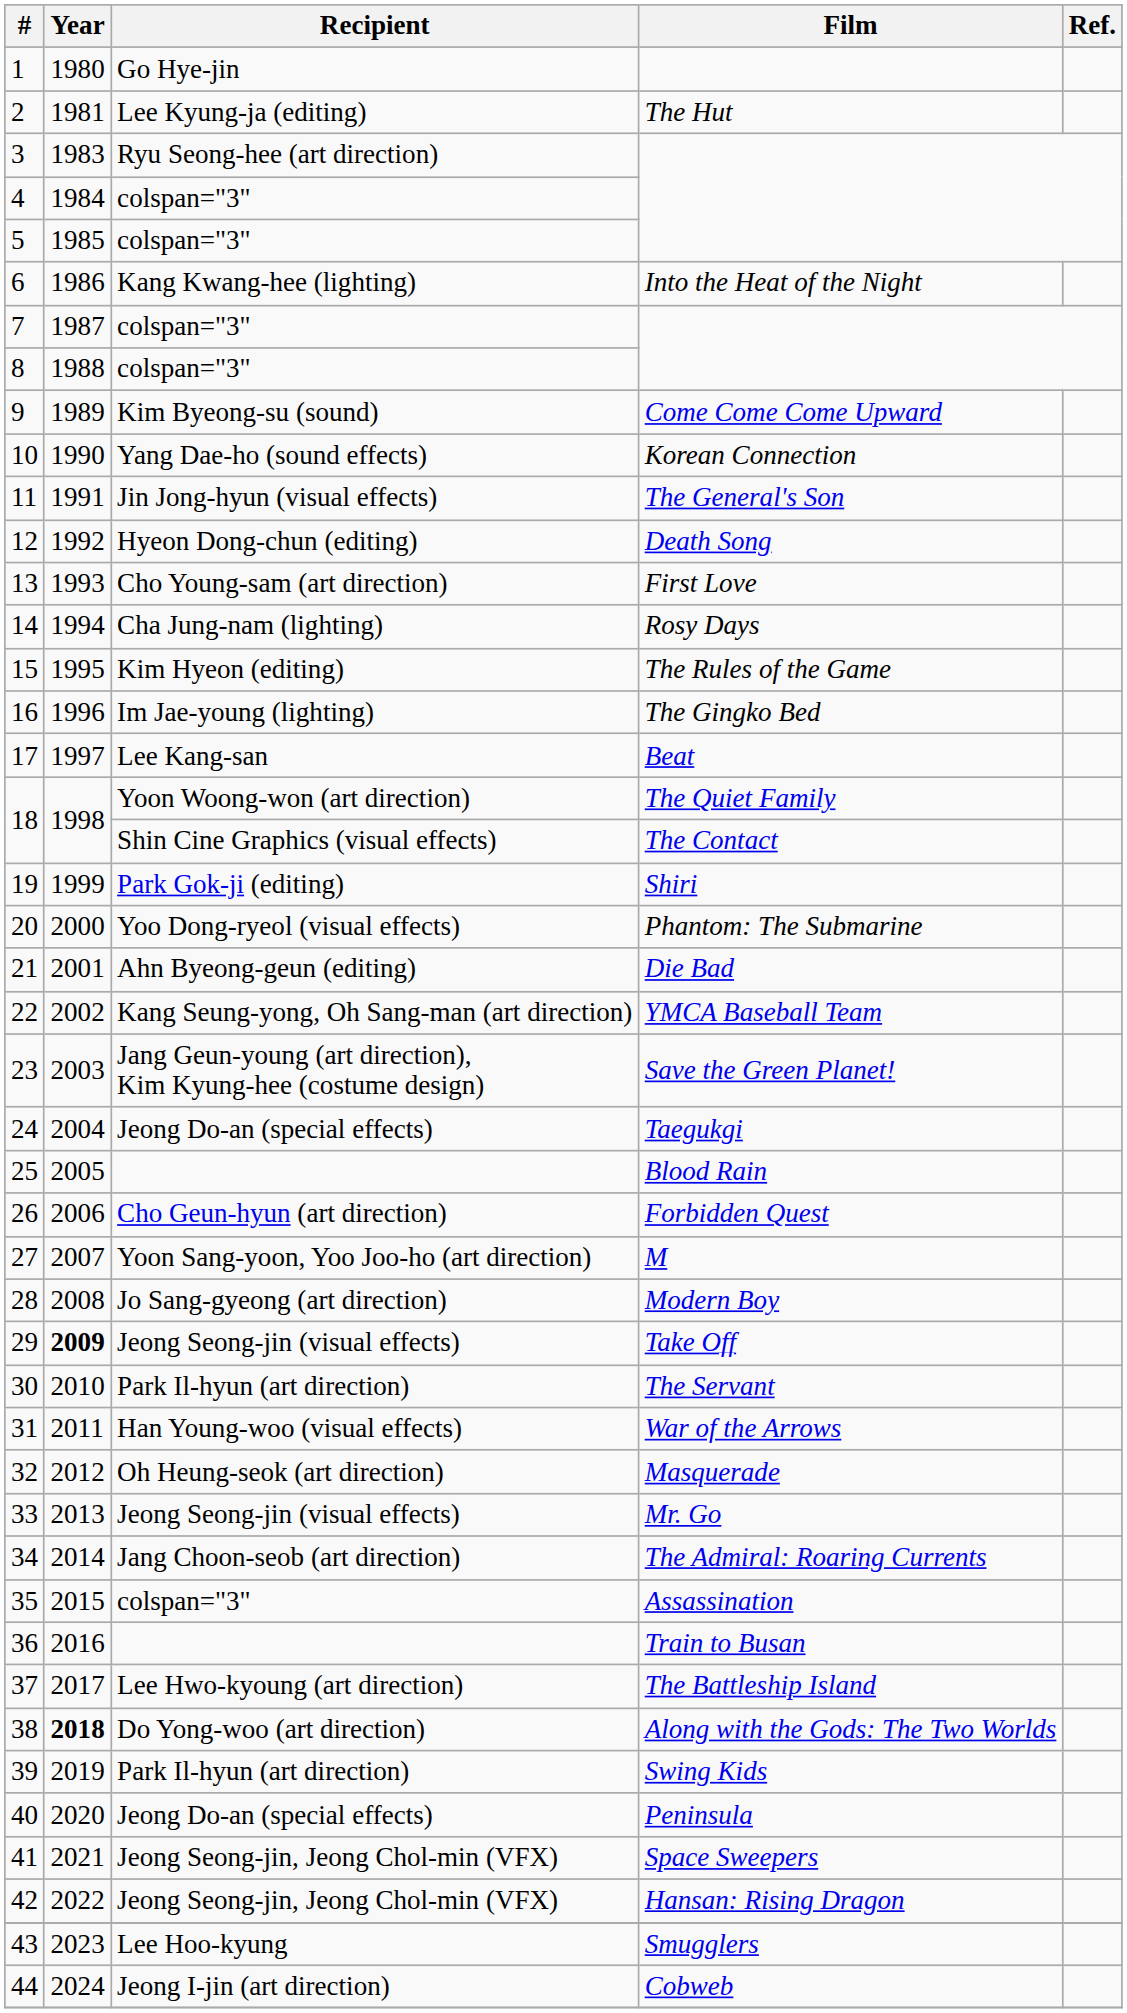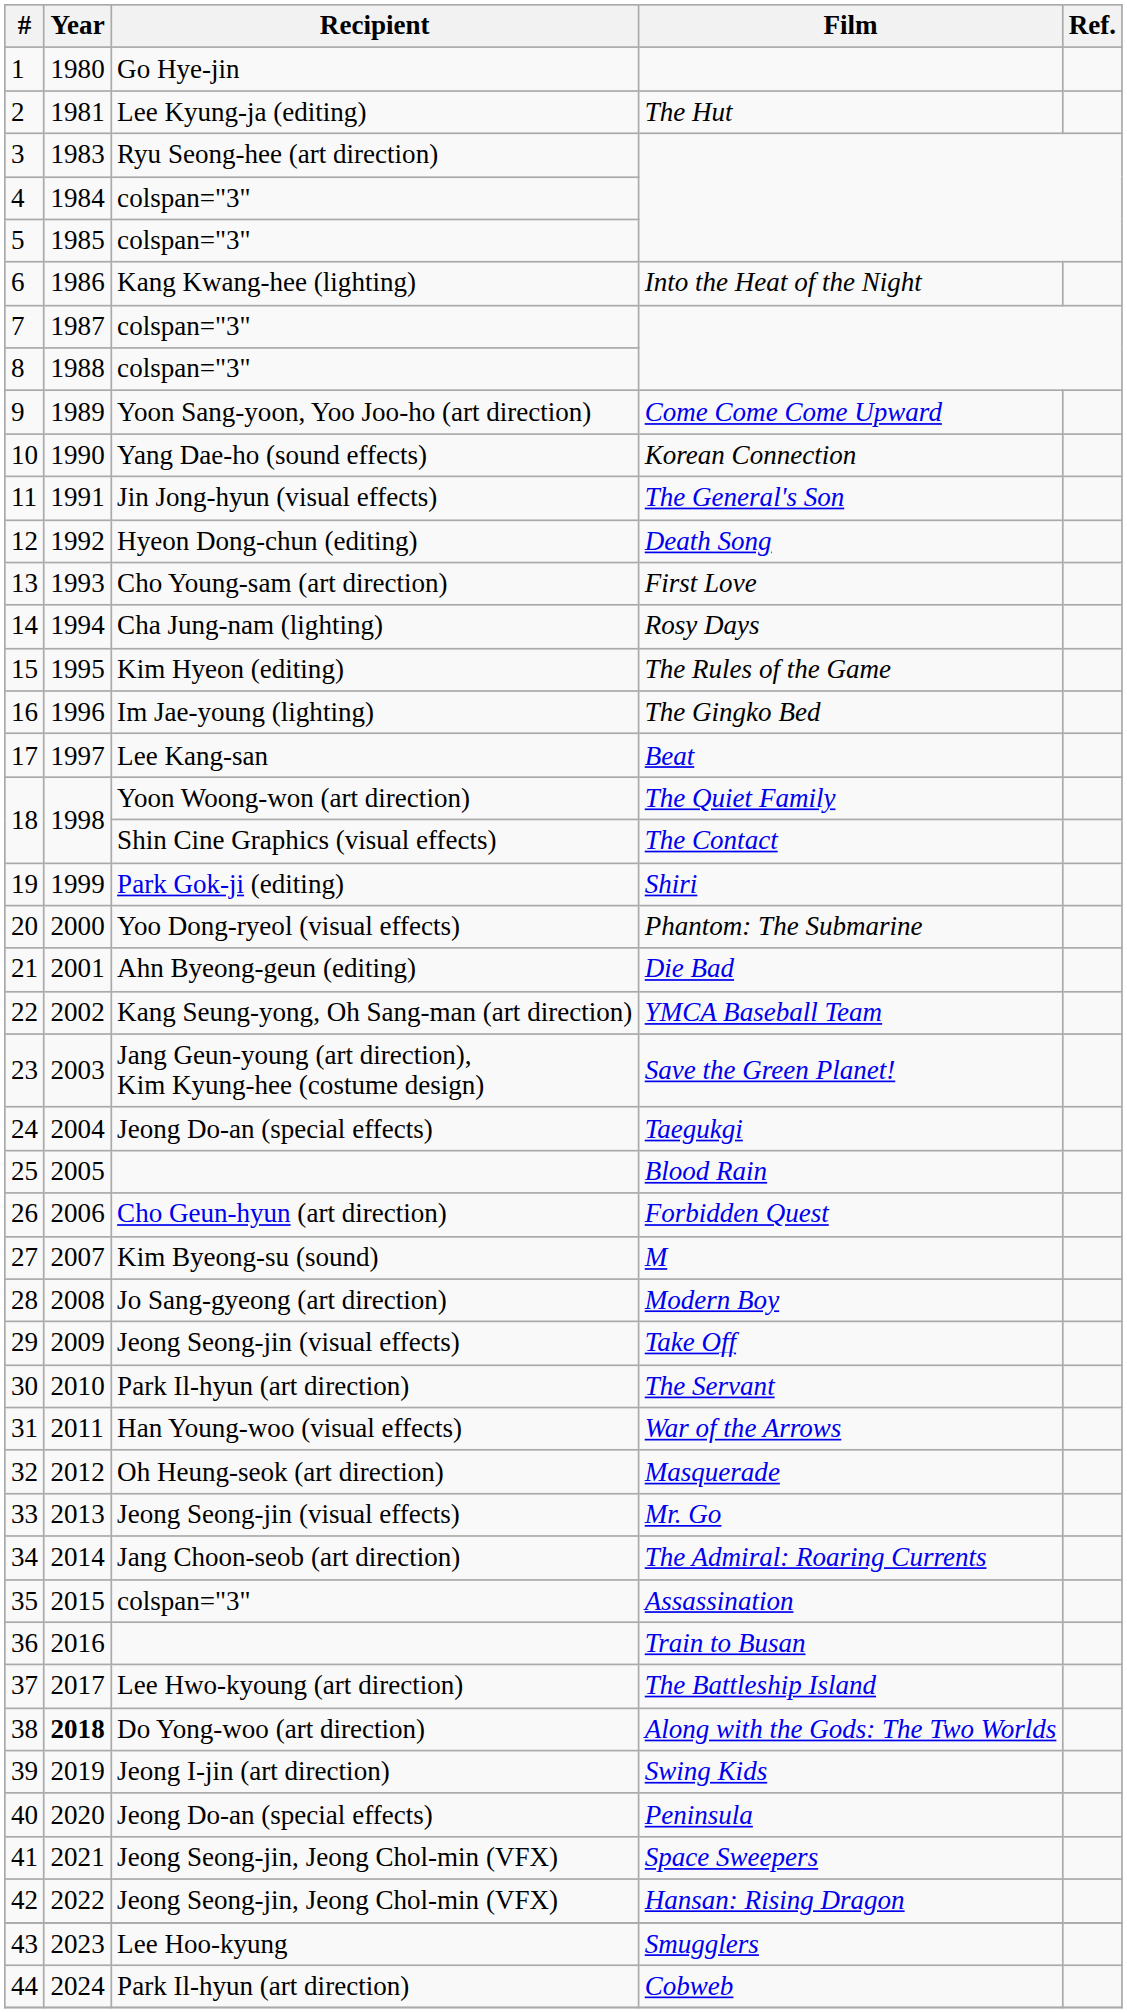 <table class="wikitable">
 <tr>
 <th>#</th>
 <th>Year</th>
 <th>Recipient</th>
 <th>Film</th>
 <th>Ref.</th>
 </tr>
 <tr>
 <td>1</td>
 <td>1980</td>
 <td>Go Hye-jin</td>
 <td></td>
 <td></td>
 </tr>
 <tr>
 <td>2</td>
 <td>1981</td>
 <td>Lee Kyung-ja (editing)</td>
 <td><em>The Hut</em></td>
 <td></td>
 </tr>
 <tr>
 <td>3</td>
 <td>1983</td>
 <td>Ryu Seong-hee (art direction)</td>
 </tr>
 <tr>
 <td>4</td>
 <td>1984</td>
 <td>colspan="3" </td>
 </tr>
 <tr>
 <td>5</td>
 <td>1985</td>
 <td>colspan="3" </td>
 </tr>
 <tr>
 <td>6</td>
 <td>1986</td>
 <td>Kang Kwang-hee (lighting)</td>
 <td><em>Into the Heat of the Night</em></td>
 <td></td>
 </tr>
 <tr>
 <td>7</td>
 <td>1987</td>
 <td>colspan="3" </td>
 </tr>
 <tr>
 <td>8</td>
 <td>1988</td>
 <td>colspan="3" </td>
 </tr>
 <tr>
 <td>9</td>
 <td>1989</td>
-<td>Kim Byeong-su (sound)</td>
+<td>Yoon Sang-yoon, Yoo Joo-ho (art direction)</td>
 <td><em><a href='#'>Come Come Come Upward</a></em></td>
 <td></td>
 </tr>
 <tr>
 <td>10</td>
 <td>1990</td>
 <td>Yang Dae-ho (sound effects)</td>
 <td><em>Korean Connection</em></td>
 <td></td>
 </tr>
 <tr>
 <td>11</td>
 <td>1991</td>
 <td>Jin Jong-hyun (visual effects)</td>
 <td><em><a href='#'>The General's Son</a></em></td>
 <td></td>
 </tr>
 <tr>
 <td>12</td>
 <td>1992</td>
 <td>Hyeon Dong-chun (editing)</td>
 <td><em><a href='#'>Death Song</a></em></td>
 <td></td>
 </tr>
 <tr>
 <td>13</td>
 <td>1993</td>
 <td>Cho Young-sam (art direction)</td>
 <td><em>First Love</em></td>
 <td></td>
 </tr>
 <tr>
 <td>14</td>
 <td>1994</td>
 <td>Cha Jung-nam (lighting)</td>
 <td><em>Rosy Days</em></td>
 <td></td>
 </tr>
 <tr>
 <td>15</td>
 <td>1995</td>
 <td>Kim Hyeon (editing)</td>
 <td><em>The Rules of the Game</em></td>
 <td></td>
 </tr>
 <tr>
 <td>16</td>
 <td>1996</td>
 <td>Im Jae-young (lighting)</td>
 <td><em>The Gingko Bed</em></td>
 <td></td>
 </tr>
 <tr>
 <td>17</td>
 <td>1997</td>
 <td>Lee Kang-san</td>
 <td><em><a href='#'>Beat</a></em></td>
 <td></td>
 </tr>
 <tr>
 <td rowspan=2>18</td>
 <td rowspan=2>1998</td>
 <td>Yoon Woong-won (art direction)</td>
 <td><em><a href='#'>The Quiet Family</a></em></td>
 <td></td>
 </tr>
 <tr>
 <td>Shin Cine Graphics (visual effects)</td>
 <td><em><a href='#'>The Contact</a></em></td>
 <td></td>
 </tr>
 <tr>
 <td>19</td>
 <td>1999</td>
 <td><a href='#'>Park Gok-ji</a> (editing)</td>
 <td><em><a href='#'>Shiri</a></em></td>
 <td></td>
 </tr>
 <tr>
 <td>20</td>
 <td>2000</td>
 <td>Yoo Dong-ryeol (visual effects)</td>
 <td><em>Phantom: The Submarine</em></td>
 <td></td>
 </tr>
 <tr>
 <td>21</td>
 <td>2001</td>
 <td>Ahn Byeong-geun (editing)</td>
 <td><em><a href='#'>Die Bad</a></em></td>
 <td></td>
 </tr>
 <tr>
 <td>22</td>
 <td>2002</td>
 <td>Kang Seung-yong, Oh Sang-man (art direction)</td>
 <td><em><a href='#'>YMCA Baseball Team</a></em></td>
 <td></td>
 </tr>
 <tr>
 <td>23</td>
 <td>2003</td>
 <td>Jang Geun-young (art direction), <br> Kim Kyung-hee (costume design)</td>
 <td><em><a href='#'>Save the Green Planet!</a></em></td>
 <td></td>
 </tr>
 <tr>
 <td>24</td>
 <td>2004</td>
 <td>Jeong Do-an (special effects)</td>
 <td><em><a href='#'>Taegukgi</a></em></td>
 <td></td>
 </tr>
 <tr>
 <td>25</td>
 <td>2005</td>
 <td></td>
 <td><em><a href='#'>Blood Rain</a></em></td>
 <td></td>
 </tr>
 <tr>
 <td>26</td>
 <td>2006</td>
 <td><a href='#'>Cho Geun-hyun</a> (art direction)</td>
 <td><em><a href='#'>Forbidden Quest</a></em></td>
 <td></td>
 </tr>
 <tr>
 <td>27</td>
 <td>2007</td>
-<td>Yoon Sang-yoon, Yoo Joo-ho (art direction)</td>
+<td>Kim Byeong-su (sound)</td>
 <td><em><a href='#'>M</a></em></td>
 <td></td>
 </tr>
 <tr>
 <td>28</td>
 <td>2008</td>
 <td>Jo Sang-gyeong (art direction)</td>
 <td><em><a href='#'>Modern Boy</a></em></td>
 <td></td>
 </tr>
 <tr>
 <td>29</td>
-<td><strong>2009</strong></td>
+<td>2009</td>
 <td>Jeong Seong-jin (visual effects)</td>
 <td><em><a href='#'>Take Off</a></em></td>
 <td></td>
 </tr>
 <tr>
 <td>30</td>
 <td>2010</td>
 <td>Park Il-hyun (art direction)</td>
 <td><em><a href='#'>The Servant</a></em></td>
 <td></td>
 </tr>
 <tr>
 <td>31</td>
 <td>2011</td>
 <td>Han Young-woo (visual effects)</td>
 <td><em><a href='#'>War of the Arrows</a></em></td>
 <td></td>
 </tr>
 <tr>
 <td>32</td>
 <td>2012</td>
 <td>Oh Heung-seok (art direction)</td>
 <td><em><a href='#'>Masquerade</a></em></td>
 <td></td>
 </tr>
 <tr>
 <td>33</td>
 <td>2013</td>
 <td>Jeong Seong-jin (visual effects)</td>
 <td><em><a href='#'>Mr. Go</a></em></td>
 <td></td>
 </tr>
 <tr>
 <td>34</td>
 <td>2014</td>
 <td>Jang Choon-seob (art direction)</td>
 <td><em><a href='#'>The Admiral: Roaring Currents</a></em></td>
 <td></td>
 </tr>
 <tr>
 <td>35</td>
 <td>2015</td>
 <td>colspan="3" </td>
 <td><em><a href='#'>Assassination</a></em></td>
 <td></td>
 </tr>
 <tr>
 <td>36</td>
 <td>2016</td>
 <td></td>
 <td><em><a href='#'>Train to Busan</a></em></td>
 <td></td>
 </tr>
 <tr>
 <td>37</td>
 <td>2017</td>
 <td>Lee Hwo-kyoung (art direction)</td>
 <td><em><a href='#'>The Battleship Island</a></em></td>
 <td></td>
 </tr>
 <tr>
 <td>38</td>
 <td><strong>2018</strong></td>
 <td>Do Yong-woo (art direction)</td>
 <td><em><a href='#'>Along with the Gods: The Two Worlds</a></em></td>
 <td></td>
 </tr>
 <tr>
 <td>39</td>
 <td>2019</td>
-<td>Park Il-hyun (art direction)</td>
+<td>Jeong I-jin (art direction)</td>
 <td><em><a href='#'>Swing Kids</a></em></td>
 <td></td>
 </tr>
 <tr>
 <td>40</td>
 <td>2020</td>
 <td>Jeong Do-an (special effects)</td>
 <td><em><a href='#'>Peninsula</a></em></td>
 <td></td>
 </tr>
 <tr>
 <td>41</td>
 <td>2021</td>
 <td>Jeong Seong-jin, Jeong Chol-min (VFX)</td>
 <td><em><a href='#'>Space Sweepers</a></em></td>
 <td></td>
 </tr>
 <tr>
 <td>42</td>
 <td>2022</td>
 <td>Jeong Seong-jin, Jeong Chol-min (VFX)</td>
 <td><em><a href='#'>Hansan: Rising Dragon</a></em></td>
 <td></td>
 </tr>
 <tr>
 </tr>
 <tr>
 <td>43</td>
 <td>2023</td>
 <td>Lee Hoo-kyung</td>
 <td><em><a href='#'>Smugglers</a></em></td>
 <td></td>
 </tr>
 <tr>
 <td>44</td>
 <td>2024</td>
-<td>Jeong I-jin (art direction)</td>
+<td>Park Il-hyun (art direction)</td>
 <td><em><a href='#'>Cobweb</a></em></td>
 <td></td>
 </tr>
 <tr>
 </tr>
 </table>
